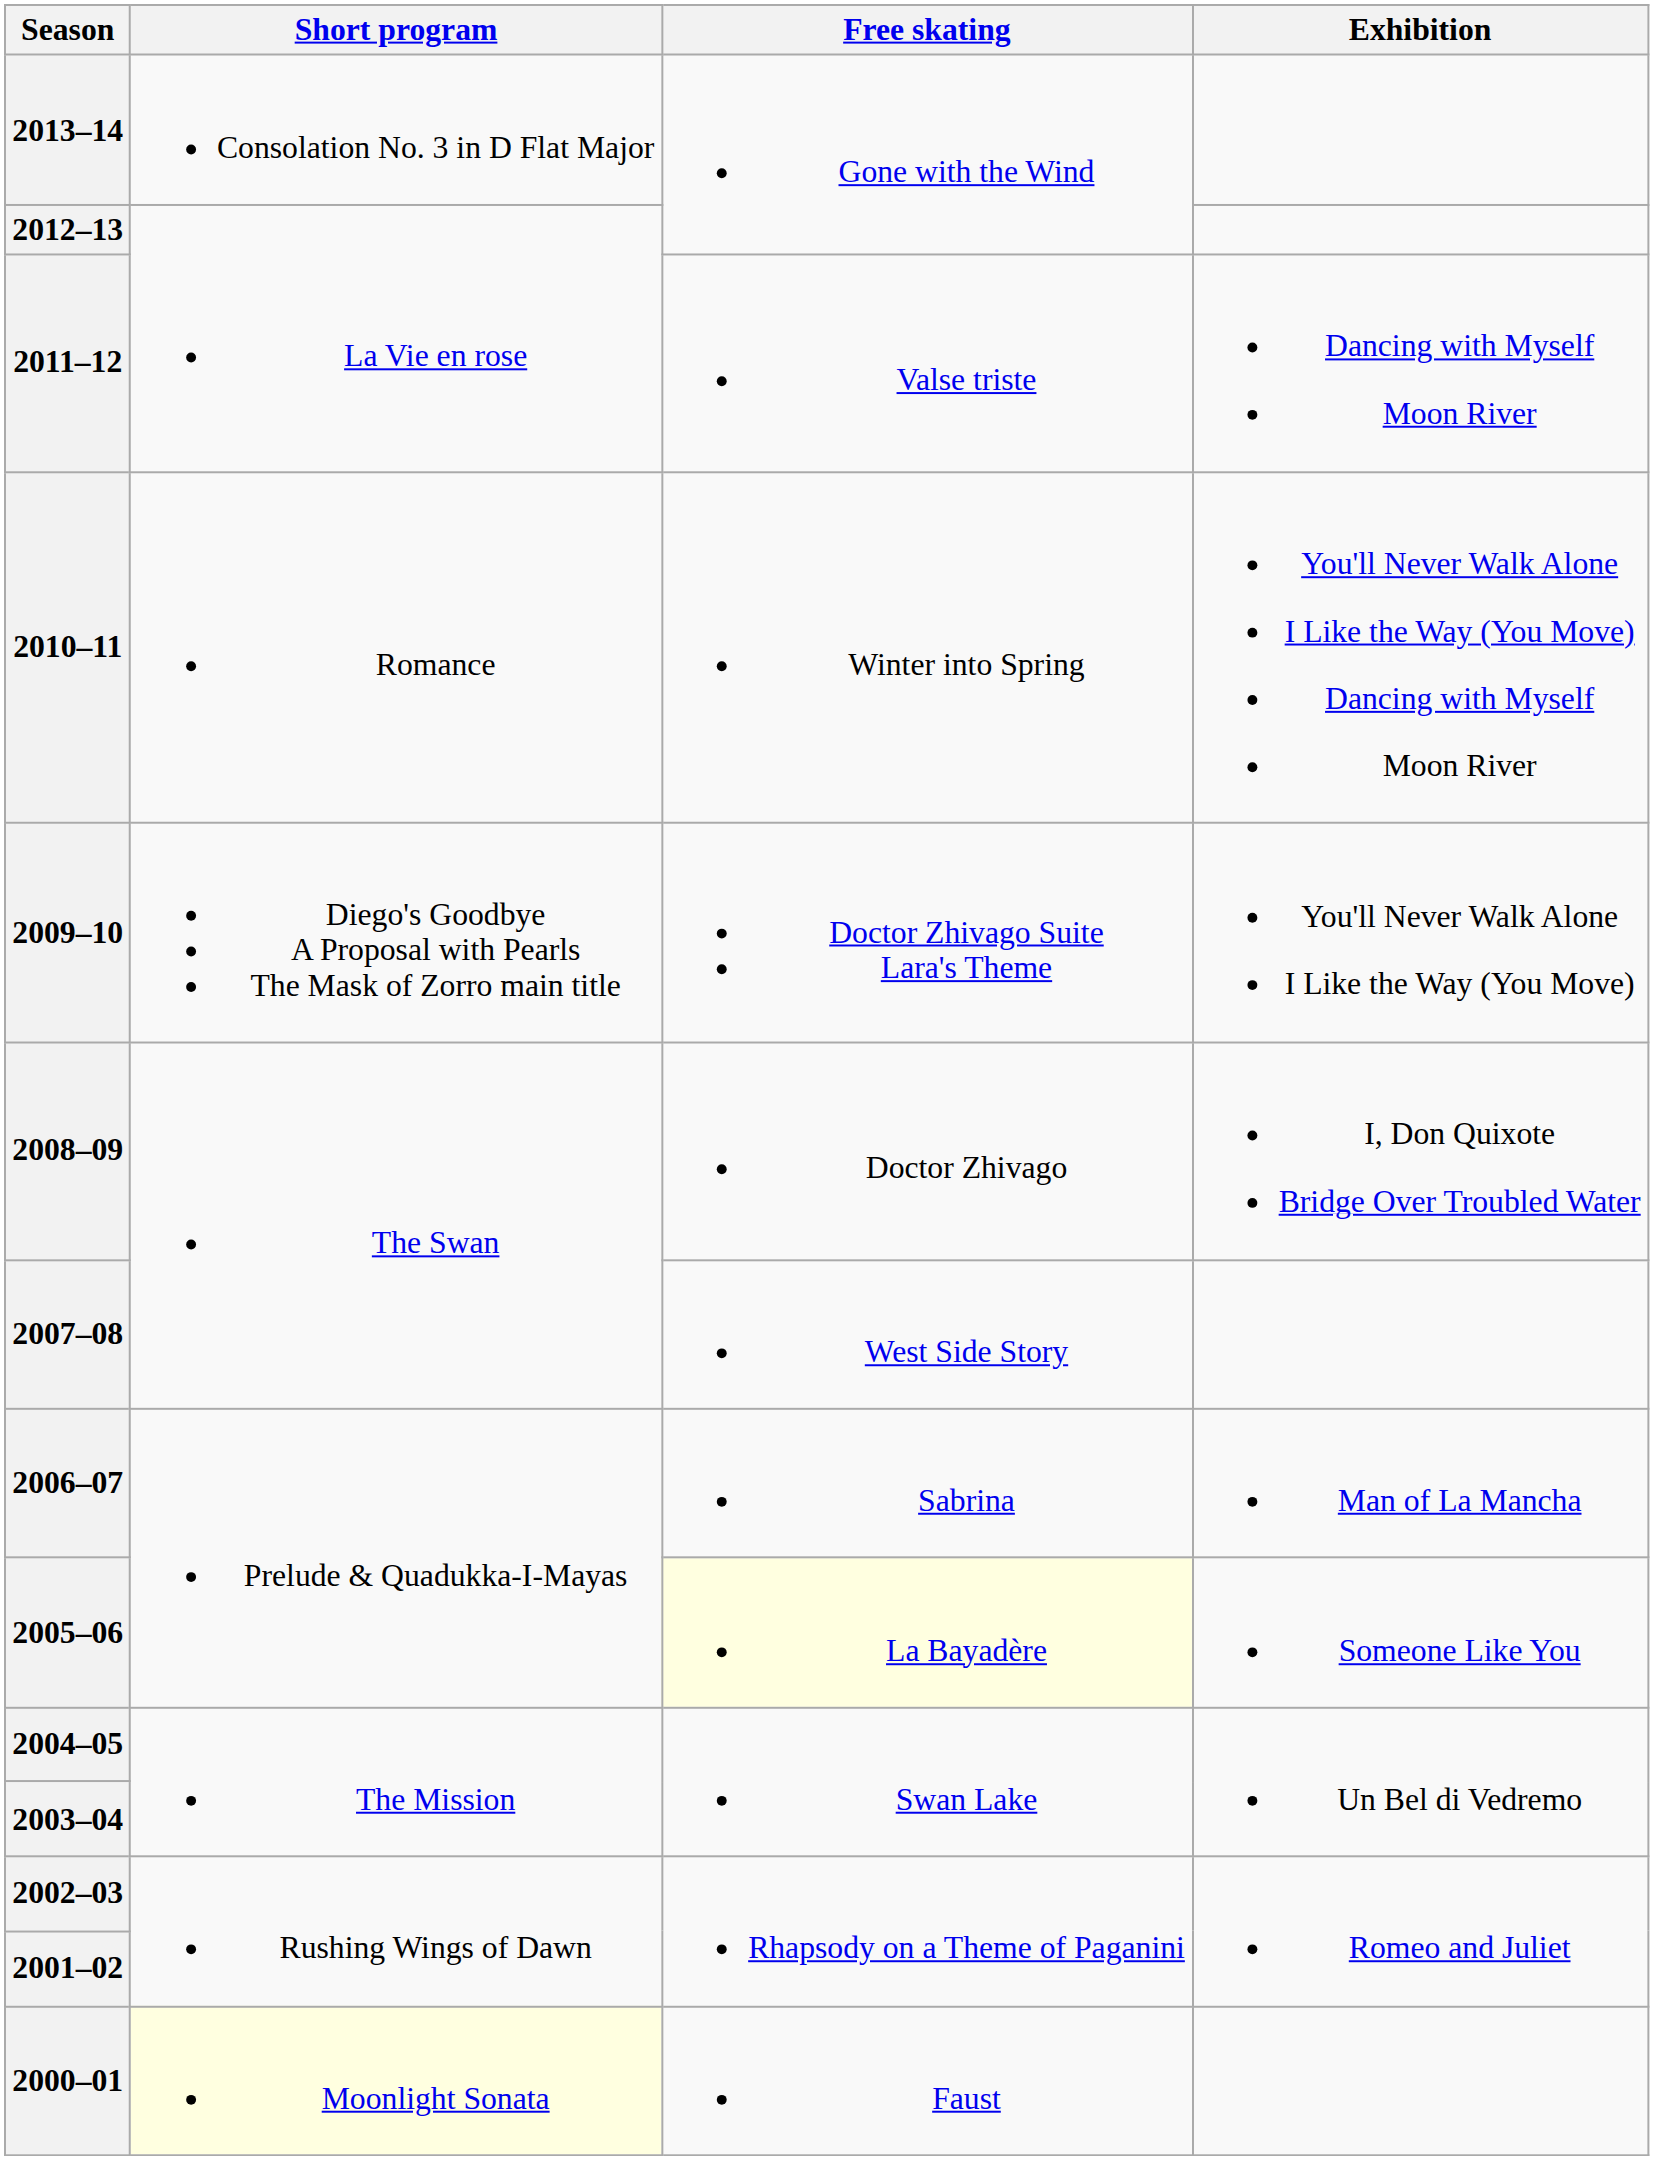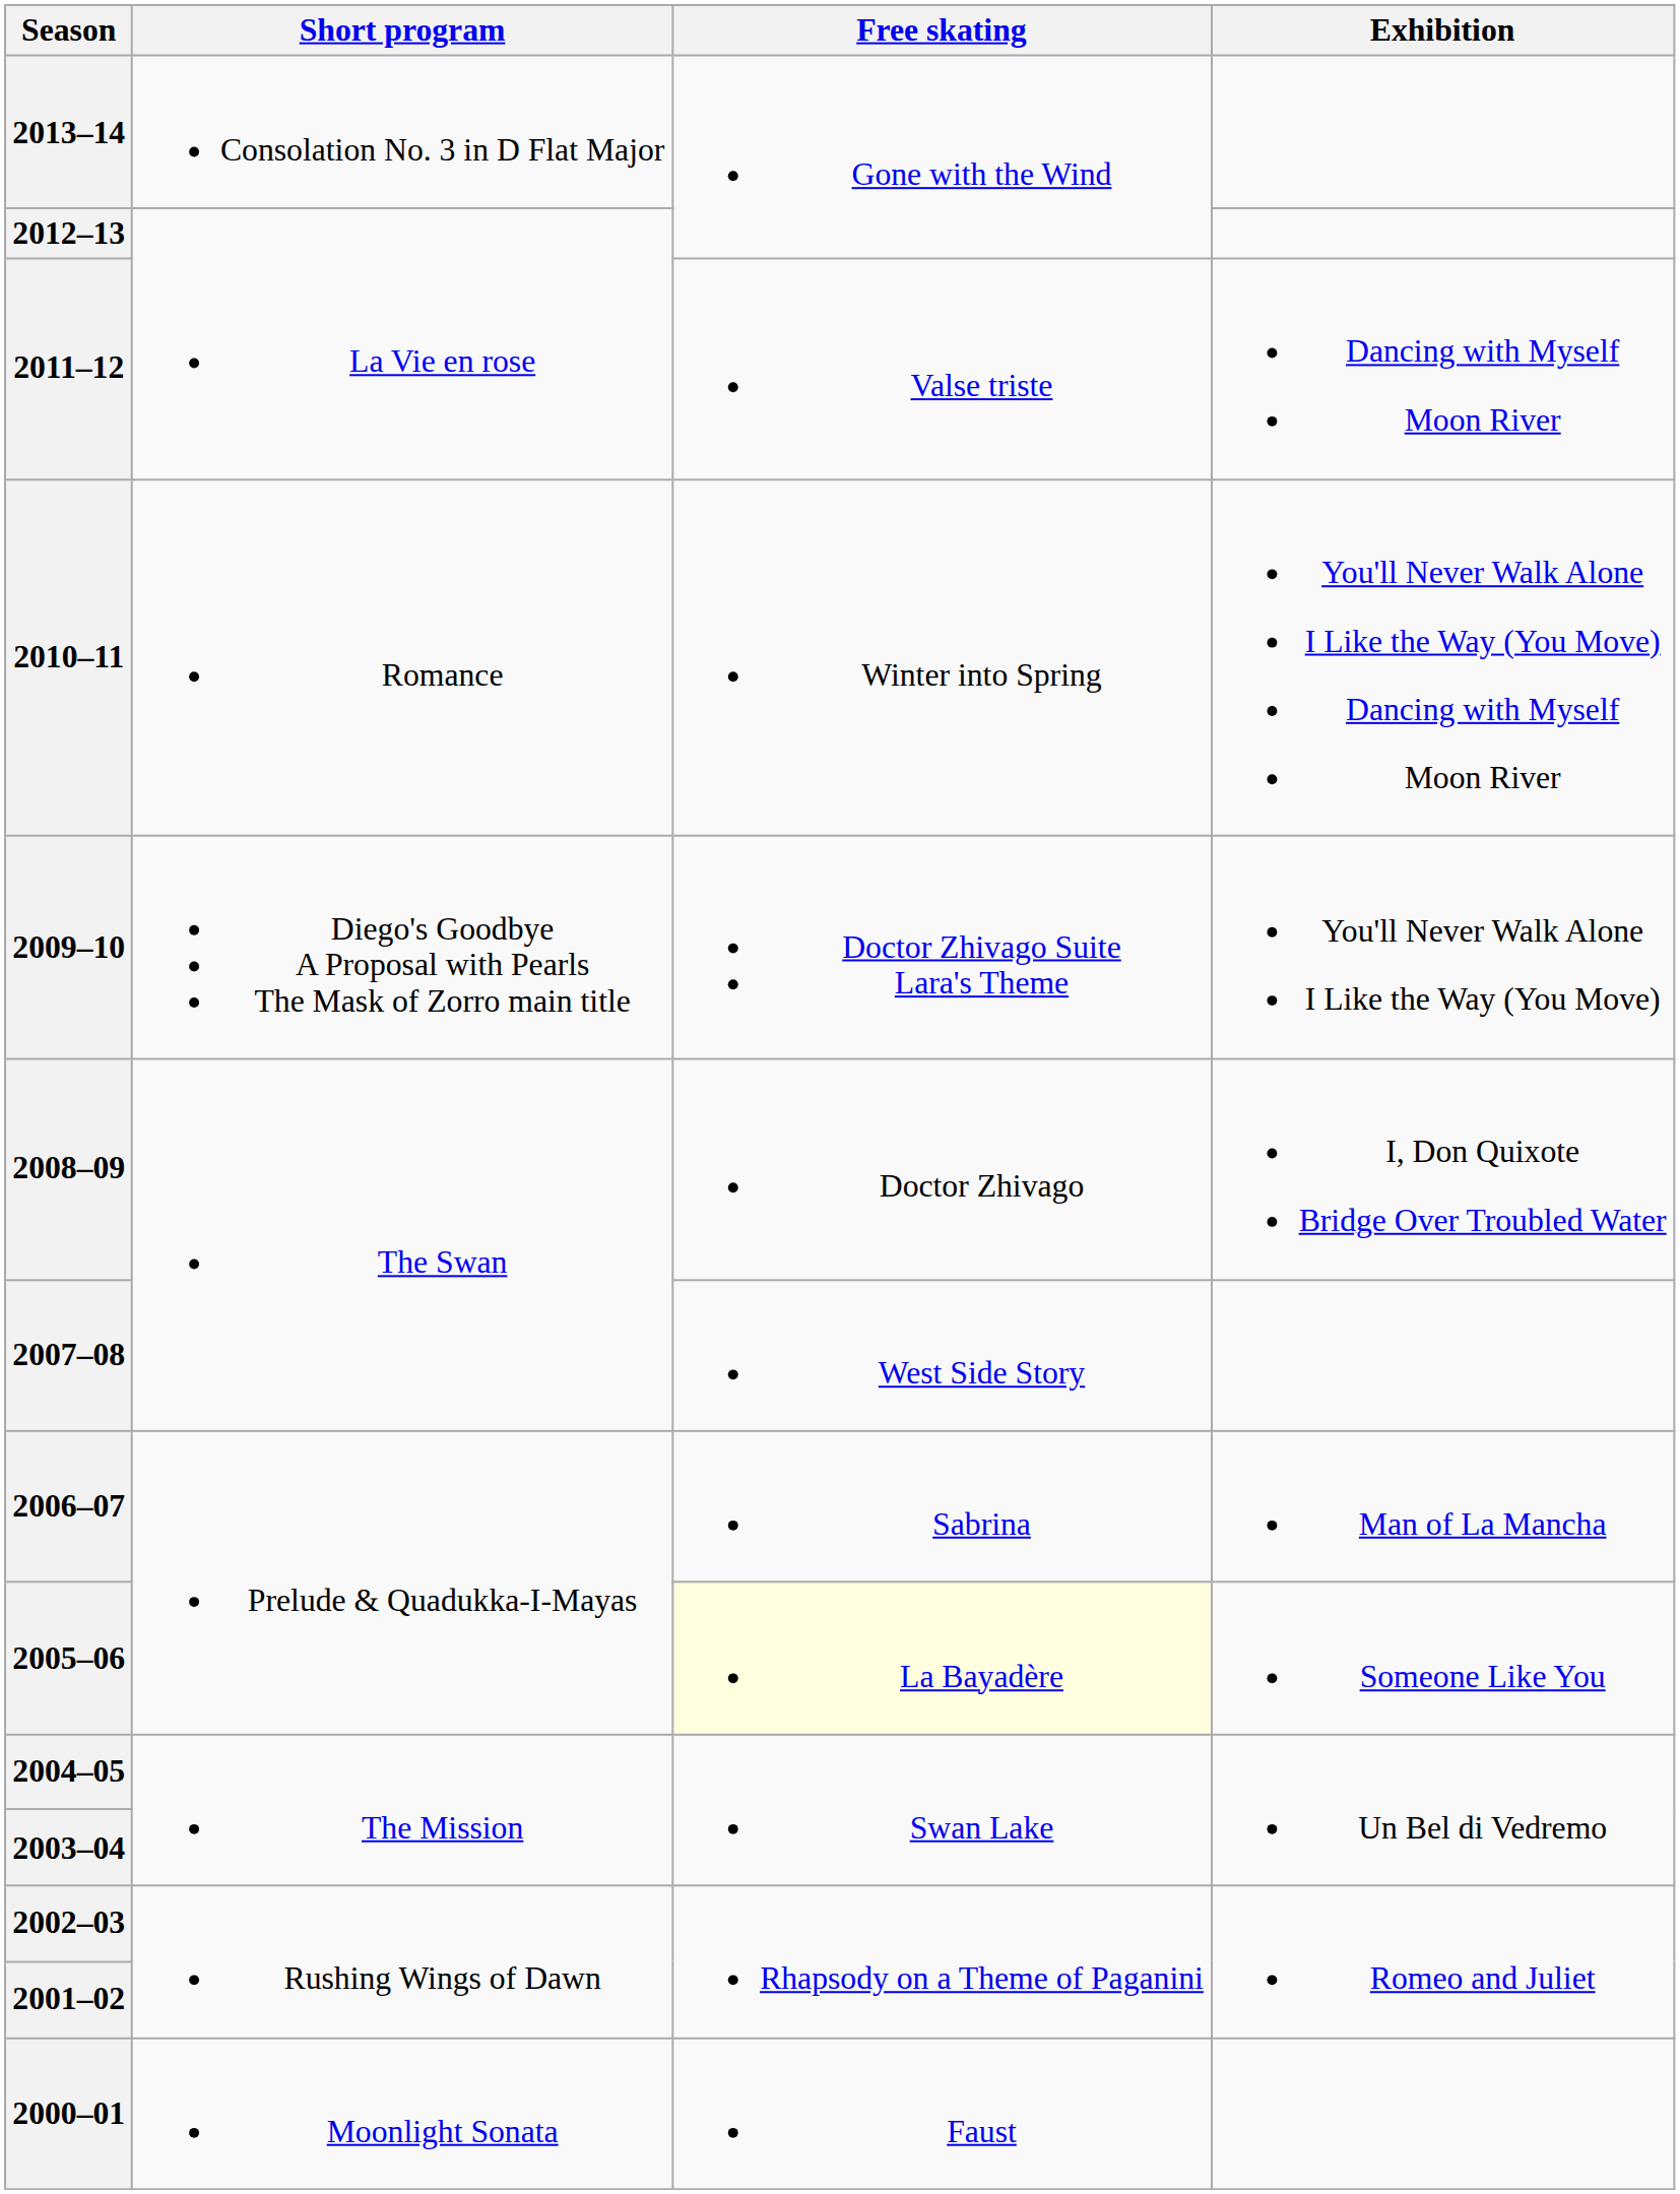 <table class="wikitable" style="text-align:center">
 <tr>
 <th>Season</th>
 <th><a href='#'>Short program</a></th>
 <th><a href='#'>Free skating</a></th>
 <th>Exhibition</th>
 </tr>
 <tr>
 <th>2013–14 <br> </th>
 <td><br><ul><li>Consolation No. 3 in D Flat Major <br></li></ul></td>
 <td rowspan=2><br><ul><li><a href='#'>Gone with the Wind</a> <br></li></ul></td>
 <td></td>
 </tr>
 <tr>
 <th>2012–13 <br> </th>
 <td rowspan=2><br><ul><li><a href='#'>La Vie en rose</a> <br></li></ul></td>
 <td></td>
 </tr>
 <tr>
 <th>2011–12 <br> </th>
 <td><br><ul><li><a href='#'>Valse triste</a> <br></li></ul></td>
 <td><br><ul><li><a href='#'>Dancing with Myself</a> <br></li></ul><ul><li><a href='#'>Moon River</a> <br></li></ul></td>
 </tr>
 <tr>
 <th>2010–11 <br> </th>
 <td><br><ul><li>Romance <br></li></ul></td>
 <td><br><ul><li>Winter into Spring <br></li></ul></td>
 <td><br><ul><li><a href='#'>You'll Never Walk Alone</a> <br></li></ul><ul><li><a href='#'>I Like the Way (You Move)</a> <br></li></ul><ul><li><a href='#'>Dancing with Myself</a> <br></li></ul><ul><li>Moon River <br></li></ul></td>
 </tr>
 <tr>
 <th>2009–10 <br> </th>
 <td><br><ul><li>Diego's Goodbye <br></li><li>A Proposal with Pearls <br></li><li>The Mask of Zorro main title</li></ul></td>
 <td><br><ul><li><a href='#'>Doctor Zhivago Suite</a> <br></li><li><a href='#'>Lara's Theme</a> <br></li></ul></td>
 <td><br><ul><li>You'll Never Walk Alone <br></li></ul><ul><li>I Like the Way (You Move) <br></li></ul></td>
 </tr>
 <tr>
 <th>2008–09 <br> </th>
 <td rowspan=2><br><ul><li><a href='#'>The Swan</a> <br></li></ul></td>
 <td><br><ul><li>Doctor Zhivago <br></li></ul></td>
 <td><br><ul><li>I, Don Quixote <br></li></ul><ul><li><a href='#'>Bridge Over Troubled Water</a> <br></li></ul></td>
 </tr>
 <tr>
 <th>2007–08 <br> </th>
 <td><br><ul><li><a href='#'>West Side Story</a> <br></li></ul></td>
 <td></td>
 </tr>
 <tr>
 <th>2006–07 <br> </th>
 <td rowspan=2><br><ul><li>Prelude & Quadukka-I-Mayas <br></li></ul></td>
 <td><br><ul><li><a href='#'>Sabrina</a> <br></li></ul></td>
 <td><br><ul><li><a href='#'>Man of La Mancha</a> <br></li></ul></td>
 </tr>
 <tr>
 <th>2005–06 <br> </th>
 <td style="background: lightyellow;"><br><ul><li><a href='#'>La Bayadère</a> <br></li></ul></td>
 <td><br><ul><li><a href='#'>Someone Like You</a> <br></li></ul></td>
 </tr>
 <tr>
 <th>2004–05 <br> </th>
 <td rowspan=2><br><ul><li><a href='#'>The Mission</a> <br></li></ul></td>
 <td rowspan=2><br><ul><li><a href='#'>Swan Lake</a> <br></li></ul></td>
 <td rowspan=2><br><ul><li>Un Bel di Vedremo <br></li></ul></td>
 </tr>
 <tr>
 <th>2003–04 <br> </th>
 </tr>
 <tr>
 <th>2002–03 <br> </th>
 <td rowspan=2><br><ul><li>Rushing Wings of Dawn <br></li></ul></td>
 <td rowspan=2><br><ul><li><a href='#'>Rhapsody on a Theme of Paganini</a> <br></li></ul></td>
 <td rowspan=2><br><ul><li><a href='#'>Romeo and Juliet</a> <br></li></ul></td>
 </tr>
 <tr>
 <th>2001–02 <br> </th>
 </tr>
 <tr>
 <th>2000–01 <br> </th>
-<td style="background: lightyellow;"><br><ul><li><a href='#'>Moonlight Sonata</a> <br></li></ul></td>
+<td><br><ul><li><a href='#'>Moonlight Sonata</a> <br></li></ul></td>
 <td><br><ul><li><a href='#'>Faust</a> <br></li></ul></td>
 <td></td>
 </tr>
 </table>
